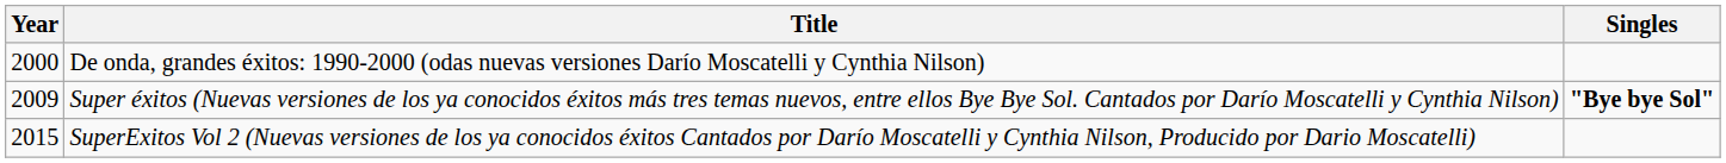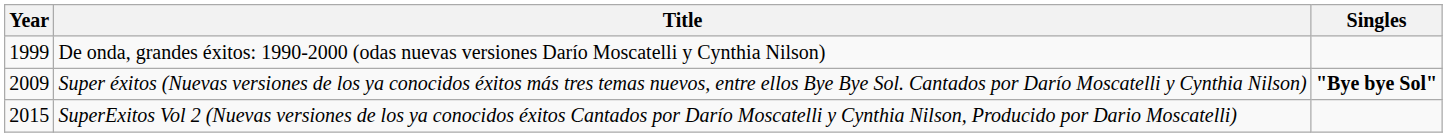 <table class="wikitable">
 <tr>
 <th>Year</th>
 <th>Title</th>
 <th>Singles</th>
 </tr>
 <tr>
-<td>2000</td>
+<td>1999</td>
 <td>De onda, grandes éxitos: 1990-2000 (odas nuevas versiones Darío Moscatelli y Cynthia Nilson)</td>
 <td></td>
 </tr>
 <tr>
 <td>2009</td>
 <td><em>Super éxitos (Nuevas versiones de los ya conocidos éxitos más tres temas nuevos, entre ellos Bye Bye Sol. Cantados por Darío Moscatelli y Cynthia Nilson)</em></td>
 <td><strong>"Bye bye Sol"</strong></td>
 </tr>
 <tr>
 <td>2015</td>
 <td><em>SuperExitos Vol 2 (Nuevas versiones de los ya conocidos éxitos Cantados por Darío Moscatelli y Cynthia Nilson, Producido por Dario Moscatelli)</em></td>
 <td></td>
 </tr>
 </table>
